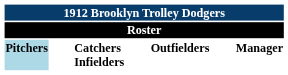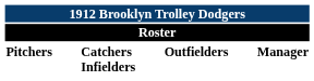 <table class="toccolours" style="font-size: 95%;">
 <tr>
 <th colspan="10" style="background-color: #083c6b; color: white; text-align: center;">1912 Brooklyn Trolley Dodgers</th>
 </tr>
 <tr>
 <td colspan="10" style="background-color: black; color: white; text-align: center;"><strong>Roster</strong></td>
 </tr>
 <tr>
-<td valign="top" style="background: lightblue;"><strong>Pitchers</strong><br>           </td>
+<td valign="top"><strong>Pitchers</strong><br>           </td>
 <td width="25px"></td>
 <td valign="top"><strong>Catchers</strong><br>    <strong>Infielders</strong>         </td>
 <td width="25px"></td>
 <td valign="top"><strong>Outfielders</strong><br>    </td>
 <td width="25px"></td>
 <td valign="top"><strong>Manager</strong><br></td>
 </tr>
 </table>
